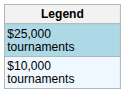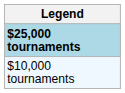 <table class="wikitable"  style="font-size:90%; width:11%;">
 <tr>
 <th>Legend</th>
 </tr>
 <tr style="background:lightblue;">
-<td>$25,000 tournaments</td>
+<td><strong>$25,000 tournaments</strong></td>
 </tr>
 <tr style="background:#f0f8ff;">
 <td>$10,000 tournaments</td>
 </tr>
 </table>
